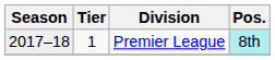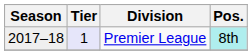 <table class="wikitable" style="font-size:85%; text-align:center">
 <tr>
 <th>Season</th>
 <th>Tier</th>
 <th>Division</th>
 <th>Pos.</th>
 </tr>
 <tr>
 <td bgcolor=#efefef>2017–18</td>
-<td>1</td>
+<td style="background: lavender;">1</td>
 <td align=left><a href='#'>Premier League</a></td>
 <td style="background: paleturquoise;">8th</td>
 </tr>
 <tr>
 </tr>
 </table>
